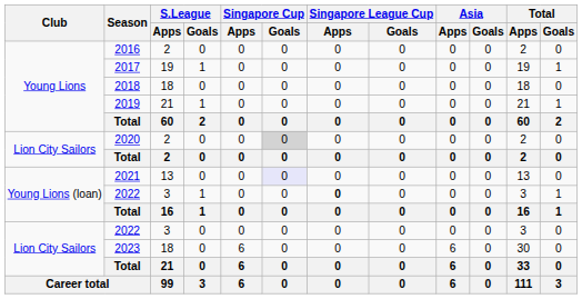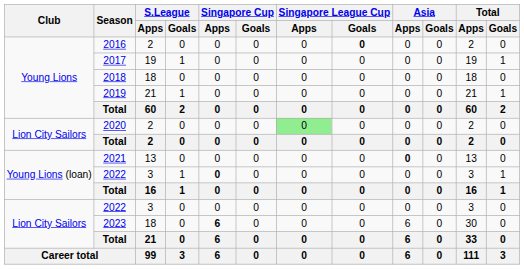 <table style="text-align:center" class="wikitable">
 <tr>
 <th rowspan="2">Club</th>
 <th rowspan="2">Season</th>
 <th colspan="2"><a href='#'>S.League</a></th>
 <th colspan="2"><a href='#'>Singapore Cup</a></th>
 <th colspan="2"><a href='#'>Singapore League Cup</a></th>
 <th colspan="2"><a href='#'>Asia</a></th>
 <th colspan="2">Total</th>
 </tr>
 <tr>
 <th>Apps</th>
 <th>Goals</th>
 <th>Apps</th>
 <th>Goals</th>
 <th>Apps</th>
 <th>Goals</th>
 <th>Apps</th>
 <th>Goals</th>
 <th>Apps</th>
 <th>Goals</th>
 </tr>
 <tr>
 <td rowspan="5"><a href='#'>Young Lions</a></td>
 <td><a href='#'>2016</a></td>
 <td>2</td>
 <td>0</td>
 <td>0</td>
 <td>0</td>
 <td>0</td>
-<td>0</td>
+<td><strong>0</strong></td>
 <td>0</td>
 <td>0</td>
 <td>2</td>
 <td>0</td>
 </tr>
 <tr>
 <td><a href='#'>2017</a></td>
 <td>19</td>
 <td>1</td>
 <td>0</td>
 <td>0</td>
 <td>0</td>
 <td>0</td>
 <td>0</td>
 <td>0</td>
 <td>19</td>
 <td>1</td>
 </tr>
 <tr>
 <td><a href='#'>2018</a></td>
 <td>18</td>
 <td>0</td>
 <td>0</td>
 <td>0</td>
 <td>0</td>
 <td>0</td>
 <td>0</td>
 <td>0</td>
 <td>18</td>
 <td>0</td>
 </tr>
 <tr>
 <td><a href='#'>2019</a></td>
 <td>21</td>
 <td>1</td>
 <td>0</td>
 <td>0</td>
 <td>0</td>
 <td>0</td>
 <td>0</td>
 <td>0</td>
 <td>21</td>
 <td>1</td>
 </tr>
 <tr>
 <th>Total</th>
 <th>60</th>
 <th>2</th>
 <th>0</th>
 <th>0</th>
 <th>0</th>
 <th>0</th>
 <th>0</th>
 <th>0</th>
 <th>60</th>
 <th>2</th>
 </tr>
 <tr>
 <td rowspan="2"><a href='#'>Lion City Sailors</a></td>
 <td><a href='#'>2020</a></td>
 <td>2</td>
 <td>0</td>
 <td>0</td>
-<td style="background: lightgrey;">0</td>
 <td>0</td>
+<td style="background: lightgreen;">0</td>
 <td>0</td>
 <td>0</td>
 <td>0</td>
 <td>2</td>
 <td>0</td>
 </tr>
 <tr>
 <th>Total</th>
 <th>2</th>
 <th>0</th>
 <th>0</th>
 <th>0</th>
 <th>0</th>
 <th>0</th>
 <th>0</th>
 <th>0</th>
 <th>2</th>
 <th>0</th>
 </tr>
 <tr>
 <td rowspan="3"><a href='#'>Young Lions</a> (loan)</td>
 <td><a href='#'>2021</a></td>
 <td>13</td>
 <td>0</td>
 <td>0</td>
-<td style="background: lavender;">0</td>
 <td>0</td>
 <td>0</td>
 <td>0</td>
+<td><strong>0</strong></td>
 <td>0</td>
 <td>13</td>
 <td>0</td>
 </tr>
 <tr>
 <td><a href='#'>2022</a></td>
 <td>3</td>
 <td>1</td>
+<td><strong>0</strong></td>
 <td>0</td>
 <td>0</td>
-<td><strong>0</strong></td>
 <td>0</td>
 <td>0</td>
 <td>0</td>
 <td>3</td>
 <td>1</td>
 </tr>
 <tr>
 <th>Total</th>
 <th>16</th>
 <th>1</th>
 <th>0</th>
 <th>0</th>
 <th>0</th>
 <th>0</th>
 <th>0</th>
 <th>0</th>
 <th>16</th>
 <th>1</th>
 </tr>
 <tr>
 <td rowspan="3"><a href='#'>Lion City Sailors</a></td>
 <td><a href='#'>2022</a></td>
 <td>3</td>
 <td>0</td>
 <td>0</td>
 <td>0</td>
 <td>0</td>
 <td>0</td>
 <td>0</td>
 <td>0</td>
 <td>3</td>
 <td>0</td>
 </tr>
 <tr>
 <td><a href='#'>2023</a></td>
 <td>18</td>
 <td>0</td>
-<td>6</td>
+<td><strong>6</strong></td>
 <td>0</td>
 <td>0</td>
 <td>0</td>
 <td>6</td>
 <td>0</td>
 <td>30</td>
 <td>0</td>
 </tr>
 <tr>
 <th>Total</th>
 <th>21</th>
 <th>0</th>
 <th>6</th>
 <th>0</th>
 <th>0</th>
 <th>0</th>
 <th>6</th>
 <th>0</th>
 <th>33</th>
 <th>0</th>
 </tr>
 <tr>
 <th colspan="2">Career total</th>
 <th>99</th>
 <th>3</th>
 <th>6</th>
 <th>0</th>
 <th>0</th>
 <th>0</th>
 <th>6</th>
 <th>0</th>
 <th>111</th>
 <th>3</th>
 </tr>
 </table>
